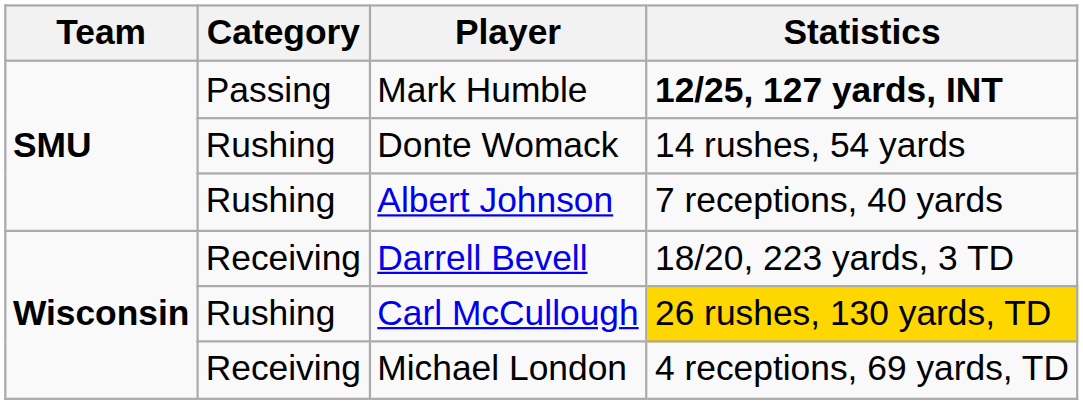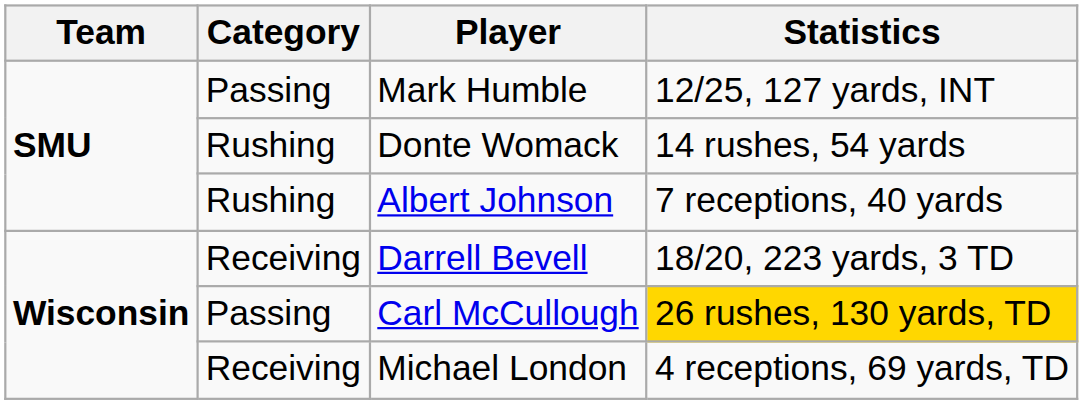 <table class="wikitable" style="float: right;">
 <tr>
 <th>Team</th>
 <th>Category</th>
 <th>Player</th>
 <th>Statistics</th>
 </tr>
 <tr>
 <td rowspan=3><strong>SMU</strong></td>
 <td>Passing</td>
 <td>Mark Humble</td>
-<td><strong>12/25, 127 yards, INT</strong></td>
+<td>12/25, 127 yards, INT</td>
 </tr>
 <tr>
 <td>Rushing</td>
 <td>Donte Womack</td>
 <td>14 rushes, 54 yards</td>
 </tr>
 <tr>
 <td>Rushing</td>
 <td><a href='#'>Albert Johnson</a></td>
 <td>7 receptions, 40 yards</td>
 </tr>
 <tr>
 <td rowspan=3><strong>Wisconsin</strong></td>
 <td>Receiving</td>
 <td><a href='#'>Darrell Bevell</a></td>
 <td>18/20, 223 yards, 3 TD</td>
 </tr>
 <tr>
-<td>Rushing</td>
+<td>Passing</td>
 <td><a href='#'>Carl McCullough</a></td>
 <td style="background: gold;">26 rushes, 130 yards, TD</td>
 </tr>
 <tr>
 <td>Receiving</td>
 <td>Michael London</td>
 <td>4 receptions, 69 yards, TD</td>
 </tr>
 </table>
